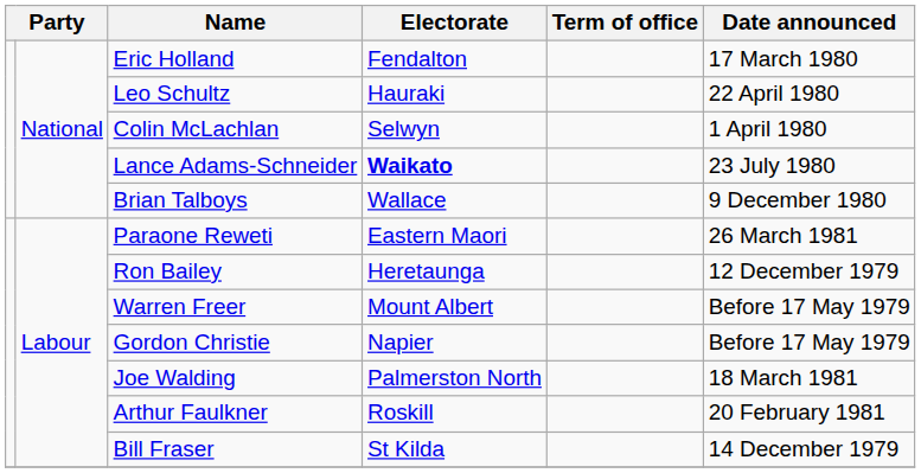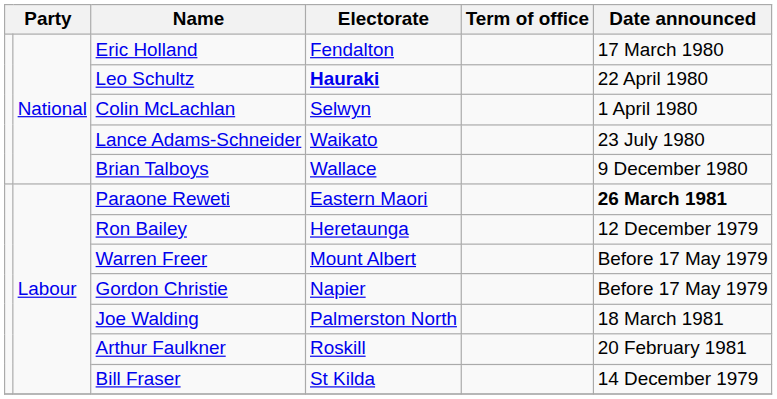 <table class="wikitable">
 <tr>
 <th colspan=2>Party</th>
 <th>Name</th>
 <th>Electorate</th>
 <th>Term of office</th>
 <th>Date announced</th>
 </tr>
 <tr>
 <td rowspan=5 style="background-color: "></td>
 <td rowspan=5><a href='#'>National</a></td>
 <td><a href='#'>Eric Holland</a></td>
 <td><a href='#'>Fendalton</a></td>
 <td></td>
 <td>17 March 1980</td>
 </tr>
 <tr>
 <td><a href='#'>Leo Schultz</a></td>
-<td><a href='#'>Hauraki</a></td>
+<td><strong><a href='#'>Hauraki</a></strong></td>
 <td></td>
 <td>22 April 1980</td>
 </tr>
 <tr>
 <td><a href='#'>Colin McLachlan</a></td>
 <td><a href='#'>Selwyn</a></td>
 <td></td>
 <td>1 April 1980</td>
 </tr>
 <tr>
 <td><a href='#'>Lance Adams-Schneider</a></td>
-<td><strong><a href='#'>Waikato</a></strong></td>
+<td><a href='#'>Waikato</a></td>
 <td></td>
 <td>23 July 1980</td>
 </tr>
 <tr>
 <td><a href='#'>Brian Talboys</a></td>
 <td><a href='#'>Wallace</a></td>
 <td></td>
 <td>9 December 1980</td>
 </tr>
 <tr>
 <td rowspan=7 style="background-color: "></td>
 <td rowspan=7><a href='#'>Labour</a></td>
 <td><a href='#'>Paraone Reweti</a></td>
 <td><a href='#'>Eastern Maori</a></td>
 <td></td>
-<td>26 March 1981</td>
+<td><strong>26 March 1981</strong></td>
 </tr>
 <tr>
 <td><a href='#'>Ron Bailey</a></td>
 <td><a href='#'>Heretaunga</a></td>
 <td></td>
 <td>12 December 1979</td>
 </tr>
 <tr>
 <td><a href='#'>Warren Freer</a></td>
 <td><a href='#'>Mount Albert</a></td>
 <td></td>
 <td>Before 17 May 1979</td>
 </tr>
 <tr>
 <td><a href='#'>Gordon Christie</a></td>
 <td><a href='#'>Napier</a></td>
 <td></td>
 <td>Before 17 May 1979</td>
 </tr>
 <tr>
 <td><a href='#'>Joe Walding</a></td>
 <td><a href='#'>Palmerston North</a></td>
 <td></td>
 <td>18 March 1981</td>
 </tr>
 <tr>
 <td><a href='#'>Arthur Faulkner</a></td>
 <td><a href='#'>Roskill</a></td>
 <td></td>
 <td>20 February 1981</td>
 </tr>
 <tr>
 <td><a href='#'>Bill Fraser</a></td>
 <td><a href='#'>St Kilda</a></td>
 <td></td>
 <td>14 December 1979</td>
 </tr>
 <tr>
 </tr>
 </table>
